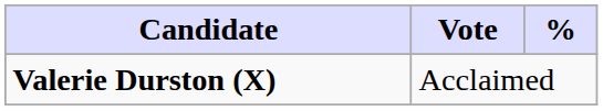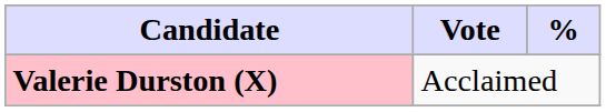 <table class="wikitable">
 <tr>
 <th style="background:#ddf; width:200px;">Candidate</th>
 <th style="background:#ddf; width:50px;">Vote</th>
 <th style="background:#ddf; width:30px;">%</th>
 </tr>
 <tr>
-<td><strong>Valerie Durston (X)</strong></td>
+<td style="background: pink;"><strong>Valerie Durston (X)</strong></td>
 <td colspan="2">Acclaimed</td>
 </tr>
 </table>
